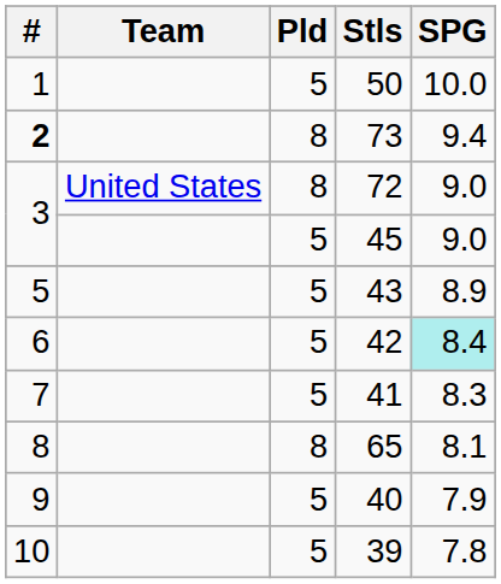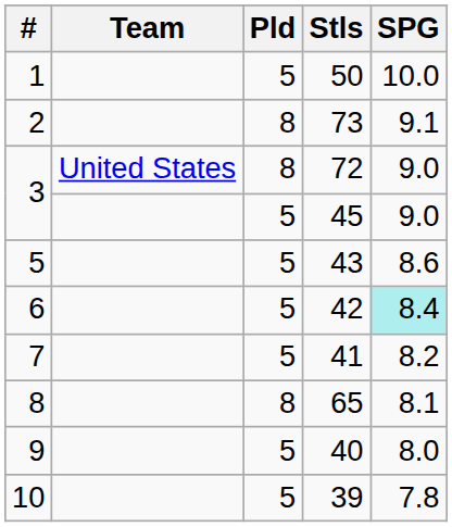 <table class=wikitable style="text-align:right; display:inline-table;">
 <tr>
 <th>#</th>
 <th>Team</th>
 <th>Pld</th>
 <th>Stls</th>
 <th>SPG</th>
 </tr>
 <tr>
 <td>1</td>
 <td align=left><strong></strong></td>
 <td>5</td>
 <td>50</td>
 <td>10.0</td>
 </tr>
 <tr>
-<td><strong>2</strong></td>
+<td>2</td>
 <td align=left></td>
 <td>8</td>
 <td>73</td>
-<td>9.4</td>
+<td>9.1</td>
 </tr>
 <tr>
 <td rowspan=2>3</td>
 <td align=left> <a href='#'>United States</a></td>
 <td>8</td>
 <td>72</td>
 <td>9.0</td>
 </tr>
 <tr>
 <td align=left></td>
 <td>5</td>
 <td>45</td>
 <td>9.0</td>
 </tr>
 <tr>
 <td>5</td>
 <td align=left></td>
 <td>5</td>
 <td>43</td>
-<td>8.9</td>
+<td>8.6</td>
 </tr>
 <tr>
 <td>6</td>
 <td align=left></td>
 <td>5</td>
 <td>42</td>
 <td style="background: paleturquoise;">8.4</td>
 </tr>
 <tr>
 <td>7</td>
 <td align=left></td>
 <td>5</td>
 <td>41</td>
-<td>8.3</td>
+<td>8.2</td>
 </tr>
 <tr>
 <td>8</td>
 <td align=left></td>
 <td>8</td>
 <td>65</td>
 <td>8.1</td>
 </tr>
 <tr>
 <td>9</td>
 <td align=left></td>
 <td>5</td>
 <td>40</td>
-<td>7.9</td>
+<td>8.0</td>
 </tr>
 <tr>
 <td>10</td>
 <td align=left></td>
 <td>5</td>
 <td>39</td>
 <td>7.8</td>
 </tr>
 </table>
